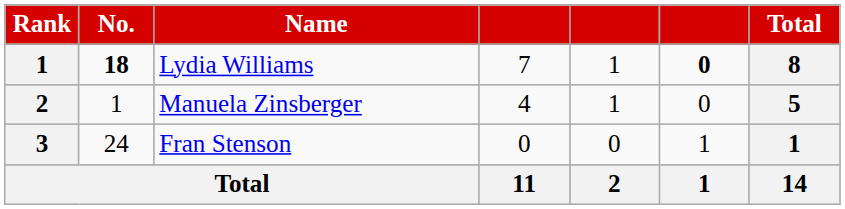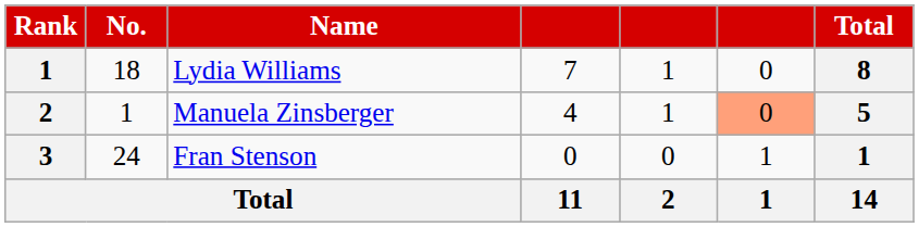 <table class="wikitable" style="text-align:center; font-size:100%; ">
 <tr>
 <th style="background:#d50000; color:white; text-align:center; width:40px">Rank</th>
 <th style="background:#d50000; color:white; text-align:center; width:40px">No.</th>
 <th style="background:#d50000; color:white; text-align:center; width:200px">Name</th>
 <th style="background:#d50000; color:white; text-align:center; width:50px;"><a href='#'></a></th>
 <th style="background:#d50000; color:white; text-align:center; width:50px;"><a href='#'></a></th>
 <th style="background:#d50000; color:white; text-align:center; width:50px;"><a href='#'></a></th>
 <th style="background:#d50000; color:white; text-align:center; width:50px;">Total</th>
 </tr>
 <tr>
 <th>1</th>
-<td><strong>18</strong></td>
+<td>18</td>
 <td style="text-align: left"> <a href='#'>Lydia Williams</a></td>
 <td>7</td>
 <td>1</td>
-<td><strong>0</strong></td>
+<td>0</td>
 <th>8</th>
 </tr>
 <tr>
 <th>2</th>
 <td>1</td>
 <td style="text-align: left"> <a href='#'>Manuela Zinsberger</a></td>
 <td>4</td>
 <td>1</td>
-<td>0</td>
+<td style="background: lightsalmon;">0</td>
 <th>5</th>
 </tr>
 <tr>
 <th>3</th>
 <td>24</td>
 <td style="text-align: left"> <a href='#'>Fran Stenson</a></td>
 <td>0</td>
 <td>0</td>
 <td>1</td>
 <th>1</th>
 </tr>
 <tr>
 <th colspan="3">Total</th>
 <th>11</th>
 <th>2</th>
 <th>1</th>
 <th>14</th>
 </tr>
 </table>
